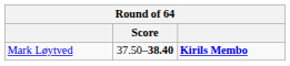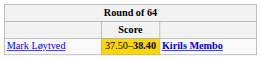 <table class="wikitable" style="text-align: center; font-size:90% ">
 <tr>
 <th colspan=3>Round of 64</th>
 </tr>
 <tr>
 <th align="right" width="130"></th>
 <th width="75">Score</th>
 <th align="left" width="130"></th>
 </tr>
 <tr>
 <td align=left> <a href='#'>Mark Løytved</a></td>
-<td align=center>37.50–<strong>38.40</strong></td>
+<td align=center style="background: gold;">37.50–<strong>38.40</strong></td>
 <td align=left><strong> <a href='#'>Kirils Membo</a></strong></td>
 </tr>
 </table>
